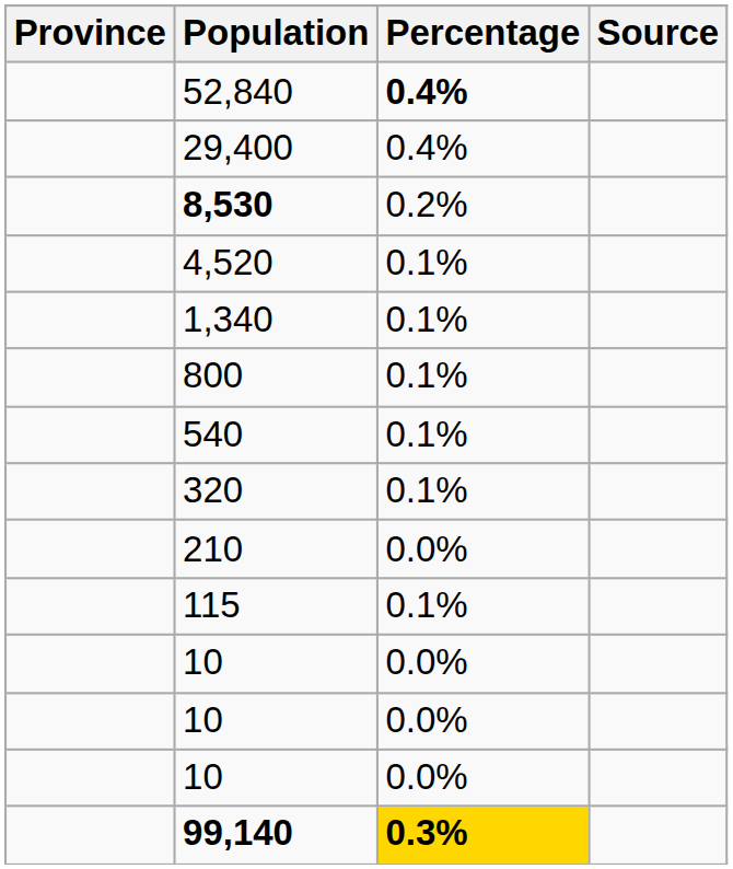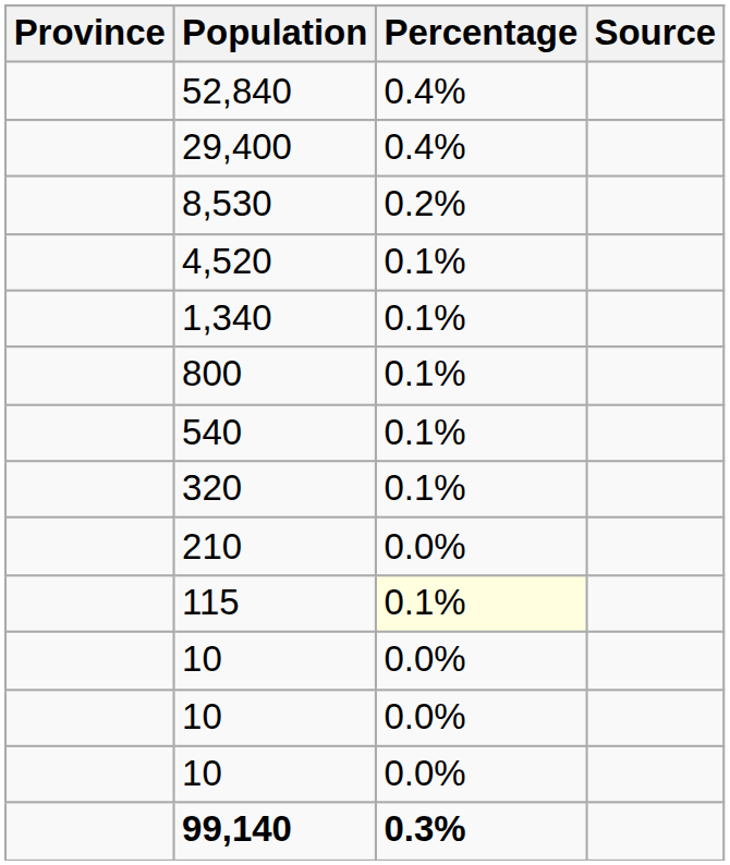 <table class="wikitable sortable">
 <tr>
 </tr>
 <tr>
 <th>Province</th>
 <th>Population</th>
 <th>Percentage</th>
 <th>Source</th>
 </tr>
 <tr>
 <td></td>
 <td>52,840</td>
-<td><strong>0.4%</strong></td>
+<td>0.4%</td>
 <td></td>
 </tr>
 <tr>
 <td></td>
 <td>29,400</td>
 <td>0.4%</td>
 <td></td>
 </tr>
 <tr>
 <td></td>
-<td><strong>8,530</strong></td>
+<td>8,530</td>
 <td>0.2%</td>
 <td></td>
 </tr>
 <tr>
 <td></td>
 <td>4,520</td>
 <td>0.1%</td>
 <td></td>
 </tr>
 <tr>
 <td></td>
 <td>1,340</td>
 <td>0.1%</td>
 <td></td>
 </tr>
 <tr>
 <td></td>
 <td>800</td>
 <td>0.1%</td>
 <td></td>
 </tr>
 <tr>
 <td></td>
 <td>540</td>
 <td>0.1%</td>
 <td></td>
 </tr>
 <tr>
 <td></td>
 <td>320</td>
 <td>0.1%</td>
 <td></td>
 </tr>
 <tr>
 <td></td>
 <td>210</td>
 <td>0.0%</td>
 <td></td>
 </tr>
 <tr>
 <td></td>
 <td>115</td>
-<td>0.1%</td>
+<td style="background: lightyellow;">0.1%</td>
 <td></td>
 </tr>
 <tr>
 <td></td>
 <td>10</td>
 <td>0.0%</td>
 <td></td>
 </tr>
 <tr>
 <td></td>
 <td>10</td>
 <td>0.0%</td>
 <td></td>
 </tr>
 <tr>
 <td></td>
 <td>10</td>
 <td>0.0%</td>
 <td></td>
 </tr>
 <tr>
 <td></td>
 <td><strong>99,140</strong></td>
-<td style="background: gold;"><strong>0.3%</strong></td>
+<td><strong>0.3%</strong></td>
 <td></td>
 </tr>
 </table>
